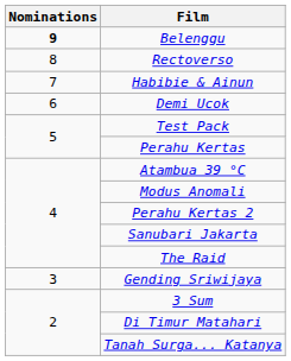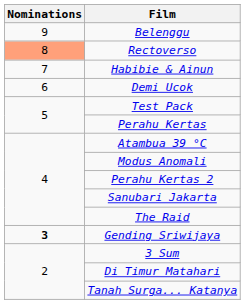 <table class="wikitable">
 <tr>
 <th>Nominations</th>
 <th>Film</th>
 </tr>
 <tr>
-<td style="text-align:center"><strong>9</strong></td>
+<td style="text-align:center">9</td>
 <td style="text-align:center"><em><a href='#'>Belenggu</a></em></td>
 </tr>
 <tr>
-<td style="text-align:center">8</td>
+<td style="background: lightsalmon; text-align:center">8</td>
 <td style="text-align:center"><em><a href='#'>Rectoverso</a></em></td>
 </tr>
 <tr>
 <td style="text-align:center">7</td>
 <td style="text-align:center"><em><a href='#'>Habibie & Ainun</a></em></td>
 </tr>
 <tr>
 <td style="text-align:center">6</td>
 <td style="text-align:center"><em><a href='#'>Demi Ucok</a></em></td>
 </tr>
 <tr>
 <td style="text-align:center" rowspan= "2">5</td>
 <td style="text-align:center"><em><a href='#'>Test Pack</a></em></td>
 </tr>
 <tr>
 <td style="text-align:center"><em><a href='#'>Perahu Kertas</a></em></td>
 </tr>
 <tr>
 <td style="text-align:center" rowspan= "5">4</td>
 <td style="text-align:center"><em><a href='#'>Atambua 39 °C</a></em></td>
 </tr>
 <tr>
 <td style="text-align:center"><em><a href='#'>Modus Anomali</a></em></td>
 </tr>
 <tr>
 <td style="text-align:center"><em><a href='#'>Perahu Kertas 2</a></em></td>
 </tr>
 <tr>
 <td style="text-align:center"><em><a href='#'>Sanubari Jakarta</a></em></td>
 </tr>
 <tr>
 <td style="text-align:center"><em><a href='#'>The Raid</a></em></td>
 </tr>
 <tr>
-<td style="text-align:center">3</td>
+<td style="text-align:center"><strong>3</strong></td>
 <td style="text-align:center"><em><a href='#'>Gending Sriwijaya</a></em></td>
 </tr>
 <tr>
 <td style="text-align:center" rowspan= "3">2</td>
 <td style="text-align:center"><em><a href='#'>3 Sum</a></em></td>
 </tr>
 <tr>
 <td style="text-align:center"><em><a href='#'>Di Timur Matahari</a></em></td>
 </tr>
 <tr>
 <td style="text-align:center"><em><a href='#'>Tanah Surga... Katanya</a></em></td>
 </tr>
 </table>
